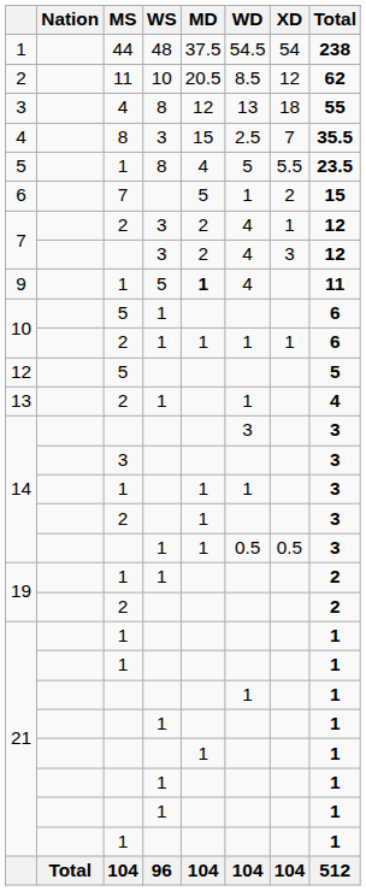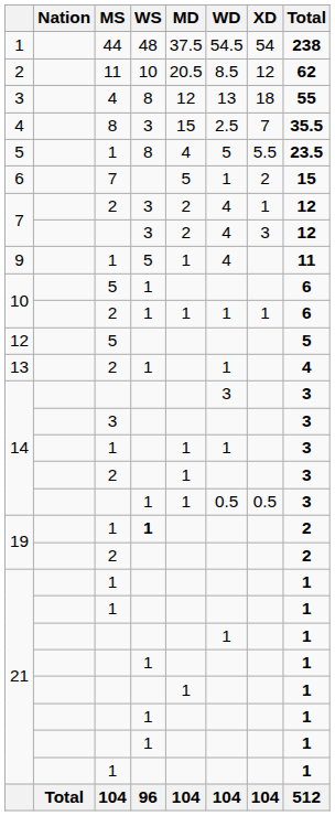 <table class="wikitable" style="text-align:center">
 <tr>
 <th width="20"></th>
 <th>Nation</th>
 <th width="20">MS</th>
 <th width="20">WS</th>
 <th width="20">MD</th>
 <th width="20">WD</th>
 <th width="20">XD</th>
 <th>Total</th>
 </tr>
 <tr align=center>
 <td>1</td>
 <td align=left></td>
 <td>44</td>
 <td>48</td>
 <td>37.5</td>
 <td>54.5</td>
 <td>54</td>
 <td><strong>238</strong></td>
 </tr>
 <tr align=center>
 <td>2</td>
 <td align=left></td>
 <td>11</td>
 <td>10</td>
 <td>20.5</td>
 <td>8.5</td>
 <td>12</td>
 <td><strong>62</strong></td>
 </tr>
 <tr align=center>
 <td>3</td>
 <td align=left><strong></strong></td>
 <td>4</td>
 <td>8</td>
 <td>12</td>
 <td>13</td>
 <td>18</td>
 <td><strong>55</strong></td>
 </tr>
 <tr align=center>
 <td>4</td>
 <td align=left></td>
 <td>8</td>
 <td>3</td>
 <td>15</td>
 <td>2.5</td>
 <td>7</td>
 <td><strong>35.5</strong></td>
 </tr>
 <tr align=center>
 <td>5</td>
 <td align=left></td>
 <td>1</td>
 <td>8</td>
 <td>4</td>
 <td>5</td>
 <td>5.5</td>
 <td><strong>23.5</strong></td>
 </tr>
 <tr align=center>
 <td>6</td>
 <td align=left><em></em><br></td>
 <td>7</td>
 <td></td>
 <td>5</td>
 <td>1</td>
 <td>2</td>
 <td><strong>15</strong></td>
 </tr>
 <tr align=center>
 <td rowspan="2">7</td>
 <td align=left></td>
 <td>2</td>
 <td>3</td>
 <td>2</td>
 <td>4</td>
 <td>1</td>
 <td><strong>12</strong></td>
 </tr>
 <tr align=center>
 <td align=left></td>
 <td></td>
 <td>3</td>
 <td>2</td>
 <td>4</td>
 <td>3</td>
 <td><strong>12</strong></td>
 </tr>
 <tr align=center>
 <td>9</td>
 <td align=left></td>
 <td>1</td>
 <td>5</td>
-<td><strong>1</strong></td>
+<td>1</td>
 <td>4</td>
 <td></td>
 <td><strong>11</strong></td>
 </tr>
 <tr align=center>
 <td rowspan="2">10</td>
 <td align=left></td>
 <td>5</td>
 <td>1</td>
 <td></td>
 <td></td>
 <td></td>
 <td><strong>6</strong></td>
 </tr>
 <tr align=center>
 <td align=left></td>
 <td>2</td>
 <td>1</td>
 <td>1</td>
 <td>1</td>
 <td>1</td>
 <td><strong>6</strong></td>
 </tr>
 <tr align=center>
 <td>12</td>
 <td align=left></td>
 <td>5</td>
 <td></td>
 <td></td>
 <td></td>
 <td></td>
 <td><strong>5</strong></td>
 </tr>
 <tr align=center>
 <td>13</td>
 <td align=left></td>
 <td>2</td>
 <td>1</td>
 <td></td>
 <td>1</td>
 <td></td>
 <td><strong>4</strong></td>
 </tr>
 <tr align=center>
 <td rowspan=5>14</td>
 <td align=left></td>
 <td></td>
 <td></td>
 <td></td>
 <td>3</td>
 <td></td>
 <td><strong>3</strong></td>
 </tr>
 <tr align=center>
 <td align=left></td>
 <td>3</td>
 <td></td>
 <td></td>
 <td></td>
 <td></td>
 <td><strong>3</strong></td>
 </tr>
 <tr align=center>
 <td align=left></td>
 <td>1</td>
 <td></td>
 <td>1</td>
 <td>1</td>
 <td></td>
 <td><strong>3</strong></td>
 </tr>
 <tr align=center>
 <td align=left></td>
 <td>2</td>
 <td></td>
 <td>1</td>
 <td></td>
 <td></td>
 <td><strong>3</strong></td>
 </tr>
 <tr align=center>
 <td align=left></td>
 <td></td>
 <td>1</td>
 <td>1</td>
 <td>0.5</td>
 <td>0.5</td>
 <td><strong>3</strong></td>
 </tr>
 <tr align=center>
 <td rowspan=2>19</td>
 <td align=left></td>
 <td>1</td>
-<td>1</td>
+<td><strong>1</strong></td>
 <td></td>
 <td></td>
 <td></td>
 <td><strong>2</strong></td>
 </tr>
 <tr align=center>
 <td align=left></td>
 <td>2</td>
 <td></td>
 <td></td>
 <td></td>
 <td></td>
 <td><strong>2</strong></td>
 </tr>
 <tr align=center>
 <td rowspan="8">21</td>
 <td align=left></td>
 <td>1</td>
 <td></td>
 <td></td>
 <td></td>
 <td></td>
 <td><strong>1</strong></td>
 </tr>
 <tr align=center>
 <td align=left></td>
 <td>1</td>
 <td></td>
 <td></td>
 <td></td>
 <td></td>
 <td><strong>1</strong></td>
 </tr>
 <tr align=center>
 <td align=left></td>
 <td></td>
 <td></td>
 <td></td>
 <td>1</td>
 <td></td>
 <td><strong>1</strong></td>
 </tr>
 <tr align=center>
 <td align=left></td>
 <td></td>
 <td>1</td>
 <td></td>
 <td></td>
 <td></td>
 <td><strong>1</strong></td>
 </tr>
 <tr align=center>
 <td align=left></td>
 <td></td>
 <td></td>
 <td>1</td>
 <td></td>
 <td></td>
 <td><strong>1</strong></td>
 </tr>
 <tr align=center>
 <td align=left></td>
 <td></td>
 <td>1</td>
 <td></td>
 <td></td>
 <td></td>
 <td><strong>1</strong></td>
 </tr>
 <tr align=center>
 <td align=left></td>
 <td></td>
 <td>1</td>
 <td></td>
 <td></td>
 <td></td>
 <td><strong>1</strong></td>
 </tr>
 <tr align=center>
 <td align=left></td>
 <td>1</td>
 <td></td>
 <td></td>
 <td></td>
 <td></td>
 <td><strong>1</strong></td>
 </tr>
 <tr>
 <th></th>
 <th align=left><strong>Total</strong></th>
 <th>104</th>
 <th>96</th>
 <th>104</th>
 <th>104</th>
 <th>104</th>
 <th>512</th>
 </tr>
 </table>
